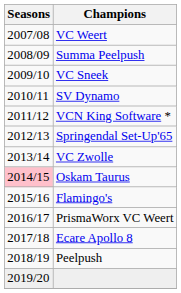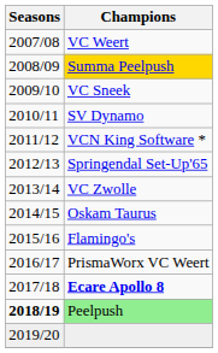 <table class="wikitable">
 <tr>
 <th>Seasons</th>
 <th>Champions</th>
 </tr>
 <tr>
 <td>2007/08</td>
 <td><a href='#'>VC Weert</a></td>
 </tr>
 <tr>
 <td>2008/09</td>
-<td><a href='#'>Summa Peelpush</a></td>
+<td style="background: gold;"><a href='#'>Summa Peelpush</a></td>
 </tr>
 <tr>
 <td>2009/10</td>
 <td><a href='#'>VC Sneek</a></td>
 </tr>
 <tr>
 <td>2010/11</td>
 <td><a href='#'>SV Dynamo</a></td>
 </tr>
 <tr>
 <td>2011/12</td>
 <td><a href='#'>VCN King Software</a> *</td>
 </tr>
 <tr>
 <td>2012/13</td>
 <td><a href='#'>Springendal Set-Up'65</a></td>
 </tr>
 <tr>
 <td>2013/14</td>
 <td><a href='#'>VC Zwolle</a></td>
 </tr>
 <tr>
-<td style="background: pink;">2014/15</td>
+<td>2014/15</td>
 <td><a href='#'>Oskam Taurus</a></td>
 </tr>
 <tr>
 <td>2015/16</td>
 <td><a href='#'>Flamingo's</a></td>
 </tr>
 <tr>
 <td>2016/17</td>
 <td>PrismaWorx VC Weert</td>
 </tr>
 <tr>
 <td>2017/18</td>
-<td><a href='#'>Ecare Apollo 8</a></td>
+<td><strong><a href='#'>Ecare Apollo 8</a></strong></td>
 </tr>
 <tr>
-<td>2018/19</td>
-<td>Peelpush</td>
+<td><strong>2018/19</strong></td>
+<td style="background: lightgreen;">Peelpush</td>
 </tr>
 <tr bgcolor=efefef>
 <td>2019/20</td>
 <td Colspan=2></td>
 </tr>
 <tr>
 </tr>
 </table>
